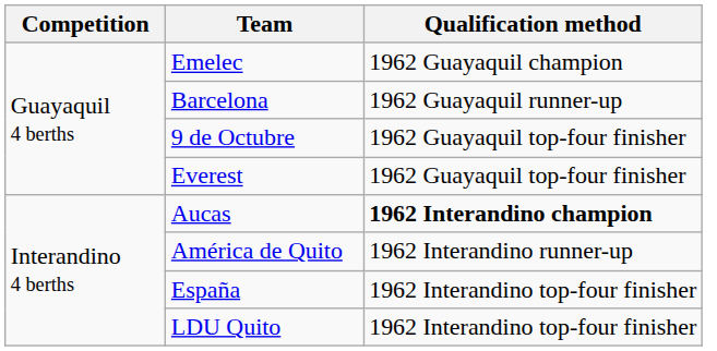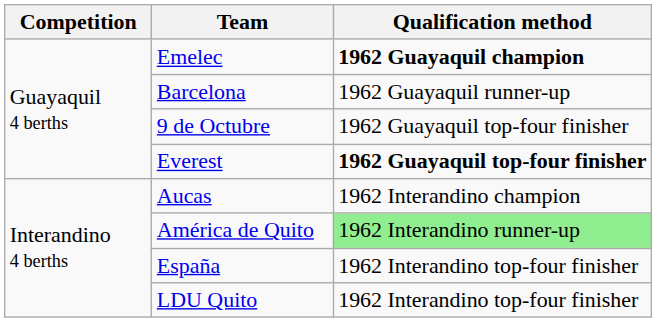 <table class="wikitable">
 <tr>
 <th width=100>Competition</th>
 <th width=125>Team</th>
 <th>Qualification method</th>
 </tr>
 <tr>
 <td rowspan="4">Guayaquil<br><small>4 berths</small></td>
 <td><a href='#'>Emelec</a></td>
-<td>1962 Guayaquil champion</td>
+<td><strong>1962 Guayaquil champion</strong></td>
 </tr>
 <tr>
 <td><a href='#'>Barcelona</a></td>
 <td>1962 Guayaquil runner-up</td>
 </tr>
 <tr>
 <td><a href='#'>9 de Octubre</a></td>
 <td>1962 Guayaquil top-four finisher</td>
 </tr>
 <tr>
 <td><a href='#'>Everest</a></td>
-<td>1962 Guayaquil top-four finisher</td>
+<td><strong>1962 Guayaquil top-four finisher</strong></td>
 </tr>
 <tr>
 <td rowspan="4">Interandino<br><small>4 berths</small></td>
 <td><a href='#'>Aucas</a></td>
-<td><strong>1962 Interandino champion</strong></td>
+<td>1962 Interandino champion</td>
 </tr>
 <tr>
 <td><a href='#'>América de Quito</a></td>
-<td>1962 Interandino runner-up</td>
+<td style="background: lightgreen;">1962 Interandino runner-up</td>
 </tr>
 <tr>
 <td><a href='#'>España</a></td>
 <td>1962 Interandino top-four finisher</td>
 </tr>
 <tr>
 <td><a href='#'>LDU Quito</a></td>
 <td>1962 Interandino top-four finisher</td>
 </tr>
 </table>
